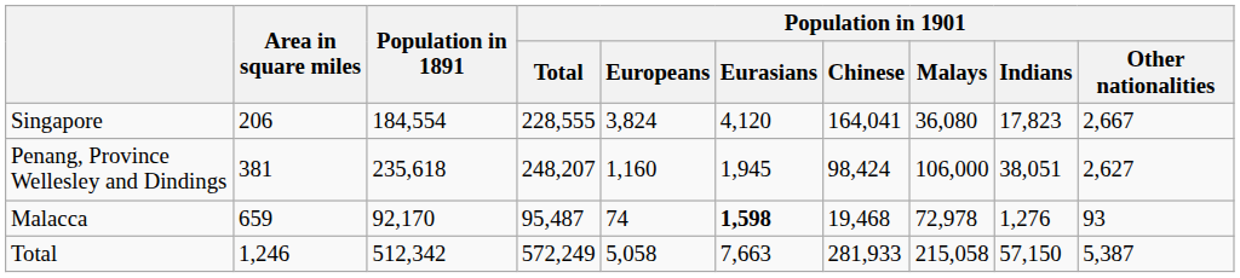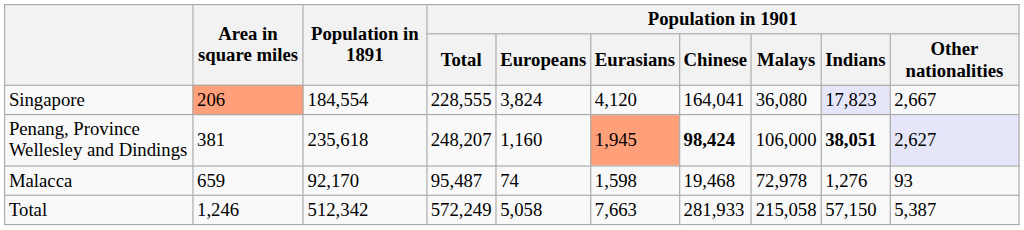 <table class="wikitable">
 <tr>
 <th rowspan="2"></th>
 <th rowspan="2">Area in square miles</th>
 <th rowspan="2">Population in 1891</th>
 <th colspan="7">Population in 1901</th>
 </tr>
 <tr>
 <th>Total</th>
 <th>Europeans</th>
 <th>Eurasians</th>
 <th>Chinese</th>
 <th>Malays</th>
 <th>Indians</th>
 <th>Other nationalities</th>
 </tr>
 <tr>
 <td>Singapore</td>
-<td>206</td>
+<td style="background: lightsalmon;">206</td>
 <td>184,554</td>
 <td>228,555</td>
 <td>3,824</td>
 <td>4,120</td>
 <td>164,041</td>
 <td>36,080</td>
-<td>17,823</td>
+<td style="background: lavender;">17,823</td>
 <td>2,667</td>
 </tr>
 <tr>
 <td>Penang, Province Wellesley and Dindings</td>
 <td>381</td>
 <td>235,618</td>
 <td>248,207</td>
 <td>1,160</td>
-<td>1,945</td>
-<td>98,424</td>
+<td style="background: lightsalmon;">1,945</td>
+<td><strong>98,424</strong></td>
 <td>106,000</td>
-<td>38,051</td>
-<td>2,627</td>
+<td><strong>38,051</strong></td>
+<td style="background: lavender;">2,627</td>
 </tr>
 <tr>
 <td>Malacca</td>
 <td>659</td>
 <td>92,170</td>
 <td>95,487</td>
 <td>74</td>
-<td><strong>1,598</strong></td>
+<td>1,598</td>
 <td>19,468</td>
 <td>72,978</td>
 <td>1,276</td>
 <td>93</td>
 </tr>
 <tr>
 <td>Total</td>
 <td>1,246</td>
 <td>512,342</td>
 <td>572,249</td>
 <td>5,058</td>
 <td>7,663</td>
 <td>281,933</td>
 <td>215,058</td>
 <td>57,150</td>
 <td>5,387</td>
 </tr>
 </table>
